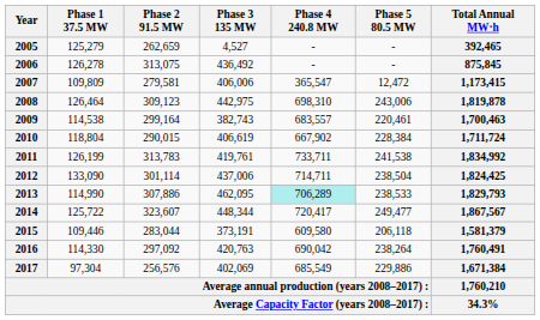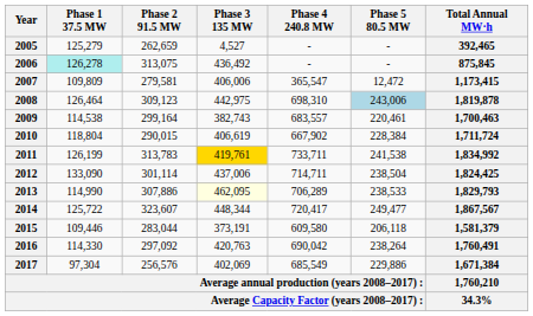 <table class=wikitable style="text-align:center; font-size:0.9em; width:680px;">
 <tr>
 <th>Year</th>
 <th>Phase 1<br>37.5 MW </th>
 <th>Phase 2<br>91.5 MW </th>
 <th>Phase 3<br>135 MW </th>
 <th>Phase 4<br>240.8 MW </th>
 <th>Phase 5<br>80.5 MW </th>
 <th>Total Annual<br><a href='#'>MW·h</a></th>
 </tr>
 <tr>
 <th>2005</th>
 <td>125,279</td>
 <td>262,659</td>
 <td>4,527</td>
 <td>-</td>
 <td>-</td>
 <th>392,465</th>
 </tr>
 <tr>
 <th>2006</th>
-<td>126,278</td>
+<td style="background: paleturquoise;">126,278</td>
 <td>313,075</td>
 <td>436,492</td>
 <td>-</td>
 <td>-</td>
 <th>875,845</th>
 </tr>
 <tr>
 <th>2007</th>
 <td>109,809</td>
 <td>279,581</td>
 <td>406,006</td>
 <td>365,547</td>
 <td>12,472</td>
 <th>1,173,415</th>
 </tr>
 <tr>
 <th>2008</th>
 <td>126,464</td>
 <td>309,123</td>
 <td>442,975</td>
 <td>698,310</td>
-<td>243,006</td>
+<td style="background: lightblue;">243,006</td>
 <th>1,819,878</th>
 </tr>
 <tr>
 <th>2009</th>
 <td>114,538</td>
 <td>299,164</td>
 <td>382,743</td>
 <td>683,557</td>
 <td>220,461</td>
 <th>1,700,463</th>
 </tr>
 <tr>
 <th>2010</th>
 <td>118,804</td>
 <td>290,015</td>
 <td>406,619</td>
 <td>667,902</td>
 <td>228,384</td>
 <th>1,711,724</th>
 </tr>
 <tr>
 <th>2011</th>
 <td>126,199</td>
 <td>313,783</td>
-<td>419,761</td>
+<td style="background: gold;">419,761</td>
 <td>733,711</td>
 <td>241,538</td>
 <th>1,834,992</th>
 </tr>
 <tr>
 <th>2012</th>
 <td>133,090</td>
 <td>301,114</td>
 <td>437,006</td>
 <td>714,711</td>
 <td>238,504</td>
 <th>1,824,425</th>
 </tr>
 <tr>
 <th>2013</th>
 <td>114,990</td>
 <td>307,886</td>
-<td>462,095</td>
-<td style="background: paleturquoise;">706,289</td>
+<td style="background: lightyellow;">462,095</td>
+<td>706,289</td>
 <td>238,533</td>
 <th>1,829,793</th>
 </tr>
 <tr>
 <th>2014</th>
 <td>125,722</td>
 <td>323,607</td>
 <td>448,344</td>
 <td>720,417</td>
 <td>249,477</td>
 <th>1,867,567</th>
 </tr>
 <tr>
 <th>2015</th>
 <td>109,446</td>
 <td>283,044</td>
 <td>373,191</td>
 <td>609,580</td>
 <td>206,118</td>
 <th>1,581,379</th>
 </tr>
 <tr>
 <th>2016</th>
 <td>114,330</td>
 <td>297,092</td>
 <td>420,763</td>
 <td>690,042</td>
 <td>238,264</td>
 <th>1,760,491</th>
 </tr>
 <tr>
 <th>2017</th>
 <td>97,304</td>
 <td>256,576</td>
 <td>402,069</td>
 <td>685,549</td>
 <td>229,886</td>
 <th>1,671,384</th>
 </tr>
 <tr>
 <th colspan=6 style="text-align:right">Average annual production (years 2008–2017) :</th>
 <th>1,760,210</th>
 </tr>
 <tr>
 <th colspan=6 style="text-align:right">Average <a href='#'>Capacity Factor</a> (years 2008–2017) :</th>
 <th>34.3%</th>
 </tr>
 </table>
